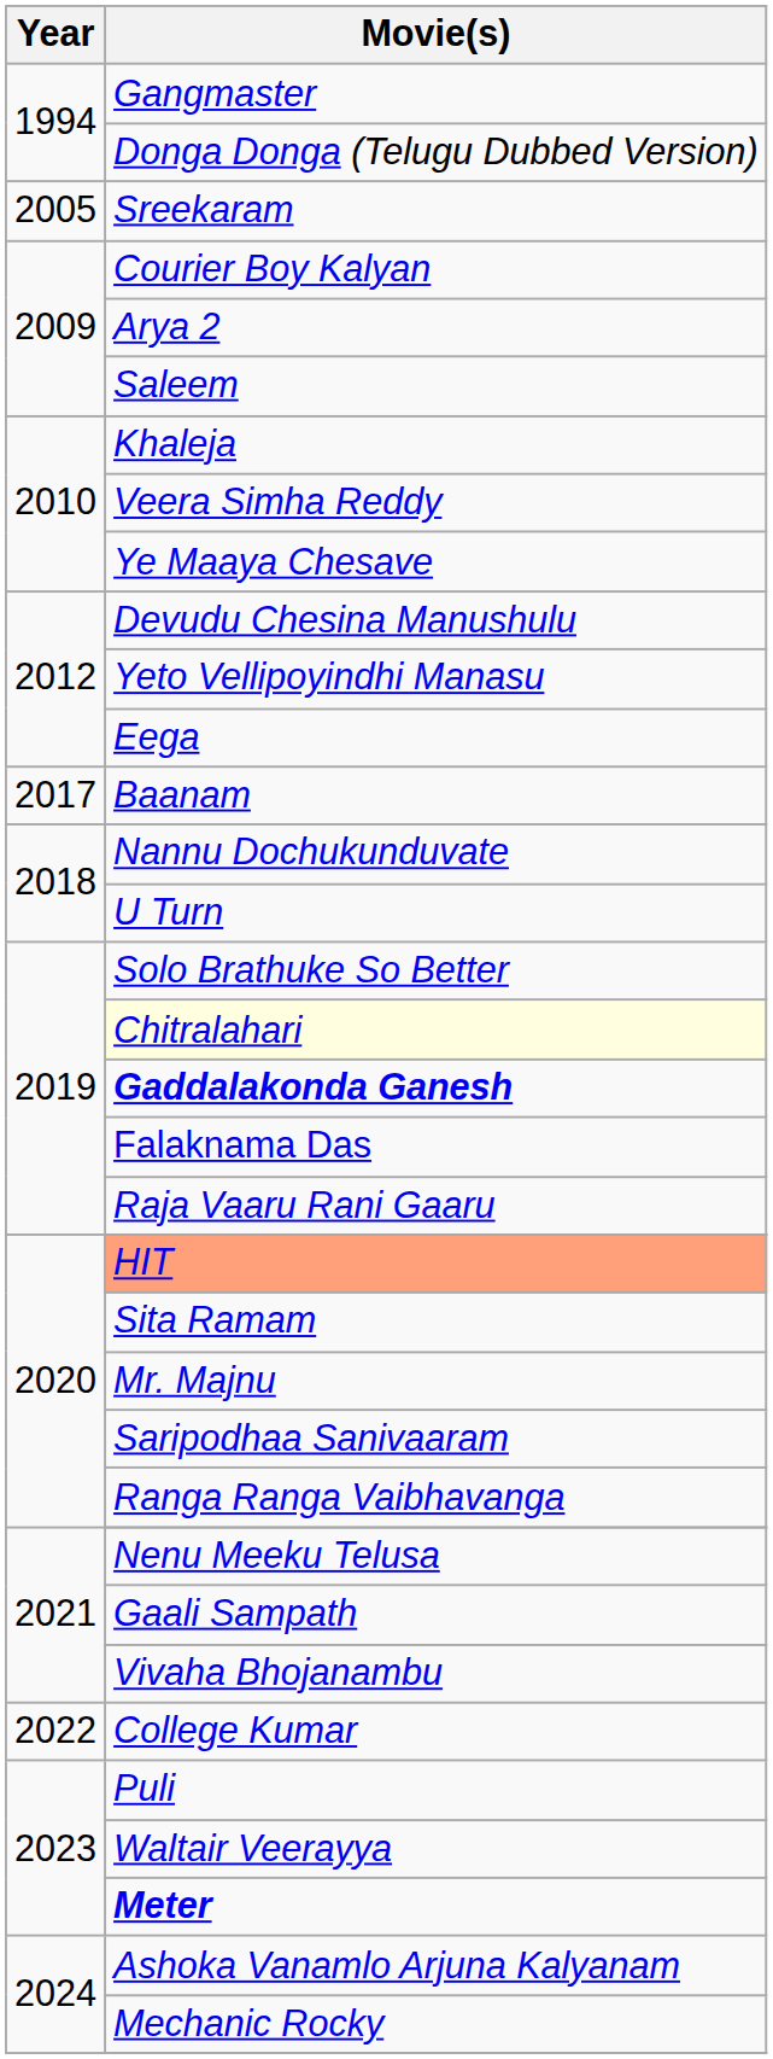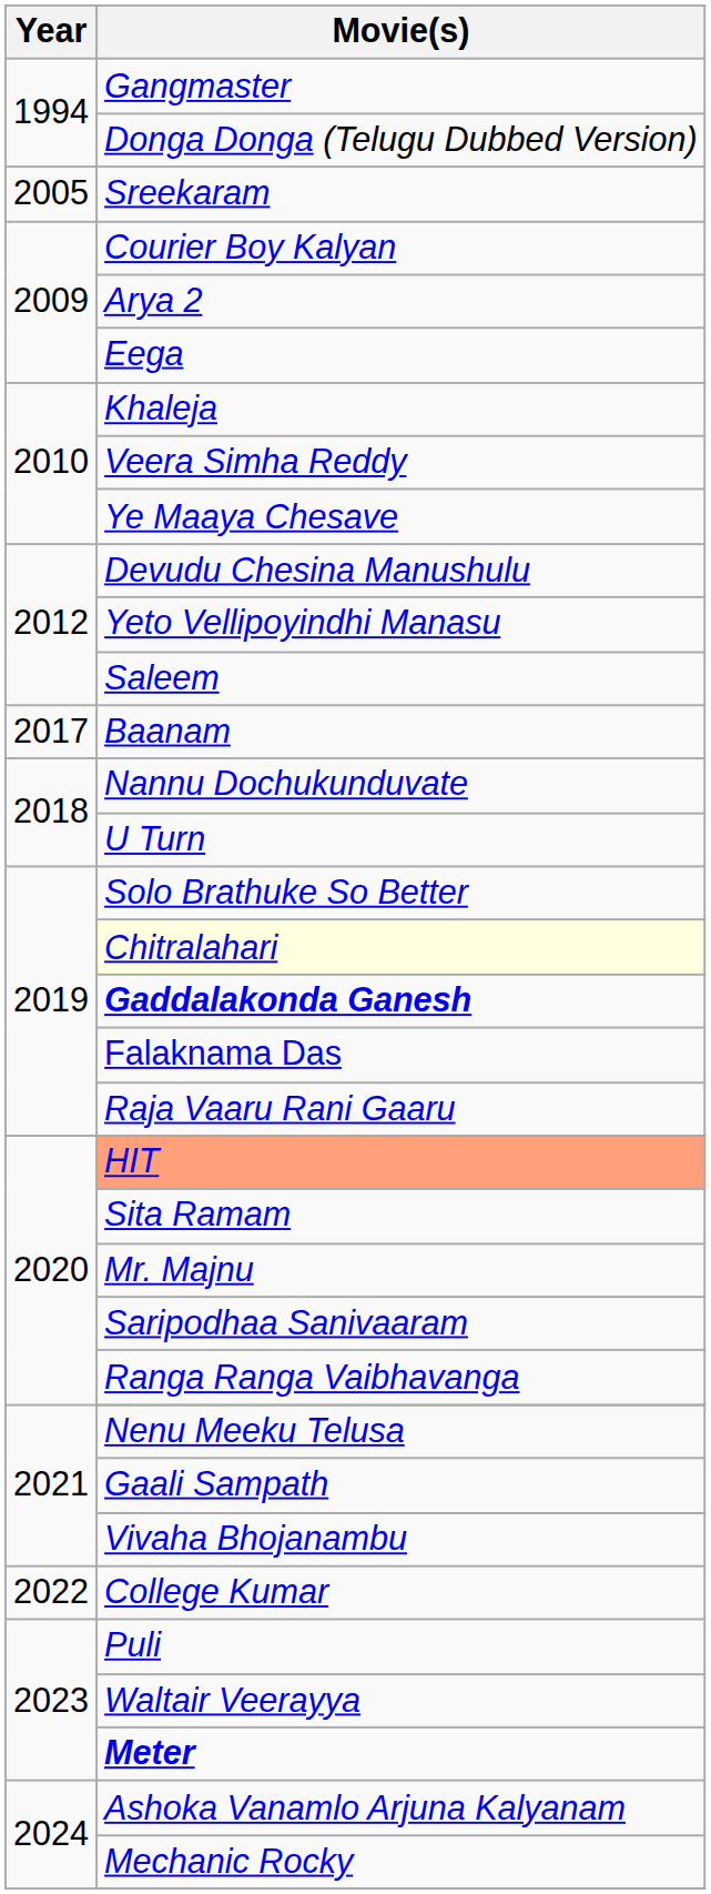 <table class="wikitable">
 <tr>
 <th>Year</th>
 <th>Movie(s)<br></th>
 </tr>
 <tr>
 <td rowspan="2">1994</td>
 <td><em><a href='#'>Gangmaster</a></em></td>
 </tr>
 <tr>
 <td><em><a href='#'>Donga Donga</a> (Telugu Dubbed Version)</em></td>
 </tr>
 <tr>
 <td rowspan="1">2005</td>
 <td><em><a href='#'>Sreekaram</a></em></td>
 </tr>
 <tr>
 <td rowspan="3">2009</td>
 <td><em><a href='#'>Courier Boy Kalyan</a></em></td>
 </tr>
 <tr>
 <td><em><a href='#'>Arya 2</a></em></td>
 </tr>
 <tr>
-<td><em><a href='#'>Saleem</a></em></td>
+<td><em><a href='#'>Eega</a></em></td>
 </tr>
 <tr>
 <td rowspan="3">2010</td>
 <td><em><a href='#'>Khaleja</a></em></td>
 </tr>
 <tr>
 <td><em><a href='#'>Veera Simha Reddy</a></em></td>
 </tr>
 <tr>
 <td><em><a href='#'>Ye Maaya Chesave</a></em></td>
 </tr>
 <tr>
 <td rowspan="3">2012</td>
 <td><em><a href='#'>Devudu Chesina Manushulu</a></em></td>
 </tr>
 <tr>
 <td><em><a href='#'>Yeto Vellipoyindhi Manasu</a></em></td>
 </tr>
 <tr>
-<td><em><a href='#'>Eega</a></em></td>
+<td><em><a href='#'>Saleem</a></em></td>
 </tr>
 <tr>
 <td rowspan="1">2017</td>
 <td><em><a href='#'>Baanam</a></em></td>
 </tr>
 <tr>
 <td rowspan="2">2018</td>
 <td><em><a href='#'>Nannu Dochukunduvate</a></em></td>
 </tr>
 <tr>
 <td><em><a href='#'>U Turn</a></em></td>
 </tr>
 <tr>
 <td rowspan="5">2019</td>
 <td><em><a href='#'>Solo Brathuke So Better</a></em></td>
 </tr>
 <tr>
 <td style="background: lightyellow;"><em><a href='#'>Chitralahari</a></em></td>
 </tr>
 <tr>
 <td><strong><em><a href='#'>Gaddalakonda Ganesh</a></em></strong></td>
 </tr>
 <tr>
 <td><a href='#'>Falaknama Das</a></td>
 </tr>
 <tr>
 <td><em><a href='#'>Raja Vaaru Rani Gaaru</a></em></td>
 </tr>
 <tr>
 <td rowspan="6">2020</td>
 </tr>
 <tr>
 <td style="background: lightsalmon;"><em><a href='#'>HIT</a></em></td>
 </tr>
 <tr>
 <td><em><a href='#'>Sita Ramam</a></em></td>
 </tr>
 <tr>
 <td><em><a href='#'>Mr. Majnu</a></em></td>
 </tr>
 <tr>
 <td><em><a href='#'>Saripodhaa Sanivaaram</a></em></td>
 </tr>
 <tr>
 <td><em><a href='#'>Ranga Ranga Vaibhavanga</a></em></td>
 </tr>
 <tr>
 <td rowspan="4">2021</td>
 </tr>
 <tr>
 <td><em><a href='#'>Nenu Meeku Telusa</a></em></td>
 </tr>
 <tr>
 <td><em><a href='#'>Gaali Sampath</a></em></td>
 </tr>
 <tr>
 <td><em><a href='#'>Vivaha Bhojanambu</a></em></td>
 </tr>
 <tr>
 <td rowspan="1">2022</td>
 <td><em><a href='#'>College Kumar</a></em></td>
 </tr>
 <tr>
 <td rowspan="3">2023</td>
 <td><em><a href='#'>Puli</a></em></td>
 </tr>
 <tr>
 <td><em><a href='#'>Waltair Veerayya</a></em></td>
 </tr>
 <tr>
 <td><strong><a href='#'><em>Meter</em></a></strong></td>
 </tr>
 <tr>
 <td rowspan="3">2024</td>
 <td><em><a href='#'>Ashoka Vanamlo Arjuna Kalyanam</a></em></td>
 </tr>
 <tr>
 <td><em><a href='#'>Mechanic Rocky</a></em></td>
 </tr>
 <tr>
 </tr>
 </table>
